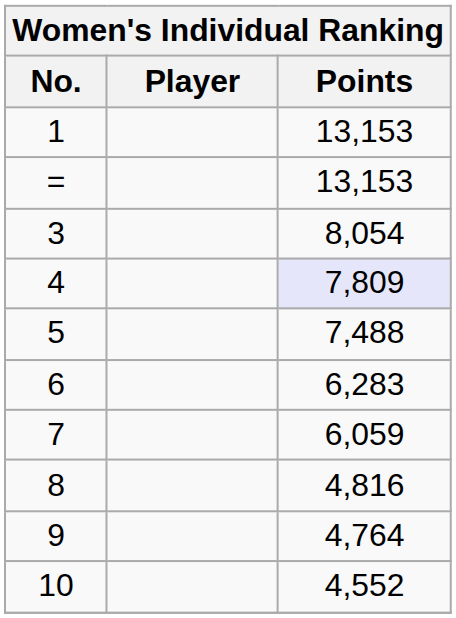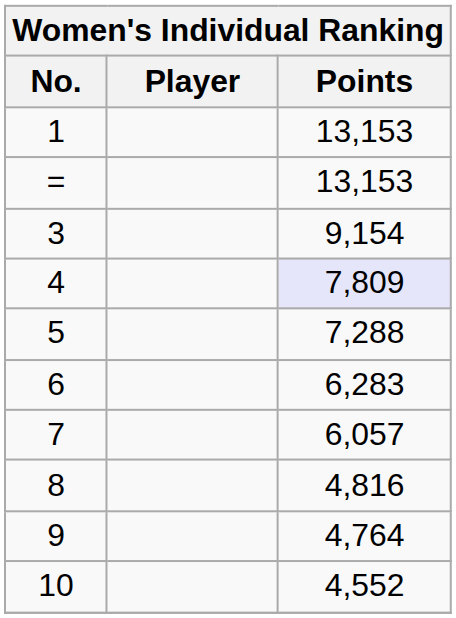 <table class="wikitable nowrap" style="text-align:center; display:inline-table;">
 <tr>
 <th scope="col" colspan=4>Women's Individual Ranking <br> </th>
 </tr>
 <tr>
 <th scope="col">No.</th>
 <th scope="col">Player</th>
 <th scope="col">Points</th>
 </tr>
 <tr>
 <td>1</td>
 <td style="text-align:left;"></td>
 <td>13,153</td>
 </tr>
 <tr>
 <td>=</td>
 <td style="text-align:left;"></td>
 <td>13,153</td>
 </tr>
 <tr>
 <td>3</td>
 <td style="text-align:left;"></td>
-<td>8,054</td>
+<td>9,154</td>
 </tr>
 <tr>
 <td>4</td>
 <td style="text-align:left;"></td>
 <td style="background: lavender;">7,809</td>
 </tr>
 <tr>
 <td>5</td>
 <td style="text-align:left;"></td>
-<td>7,488</td>
+<td>7,288</td>
 </tr>
 <tr>
 <td>6</td>
 <td style="text-align:left;"></td>
 <td>6,283</td>
 </tr>
 <tr>
 <td>7</td>
 <td style="text-align:left;"></td>
-<td>6,059</td>
+<td>6,057</td>
 </tr>
 <tr>
 <td>8</td>
 <td style="text-align:left;"></td>
 <td>4,816</td>
 </tr>
 <tr>
 <td>9</td>
 <td style="text-align:left;"></td>
 <td>4,764</td>
 </tr>
 <tr>
 <td>10</td>
 <td style="text-align:left;"></td>
 <td>4,552</td>
 </tr>
 <tr>
 </tr>
 </table>
